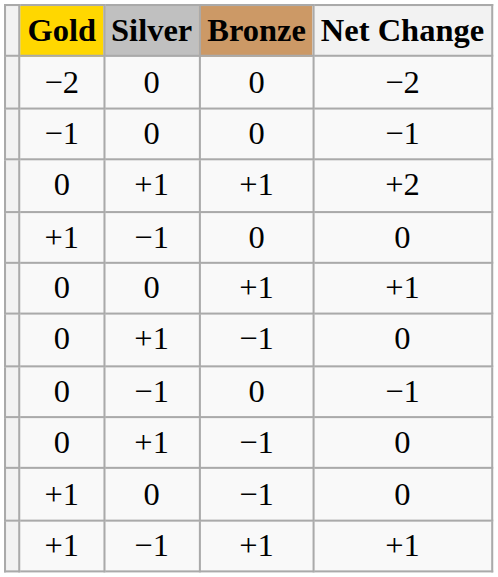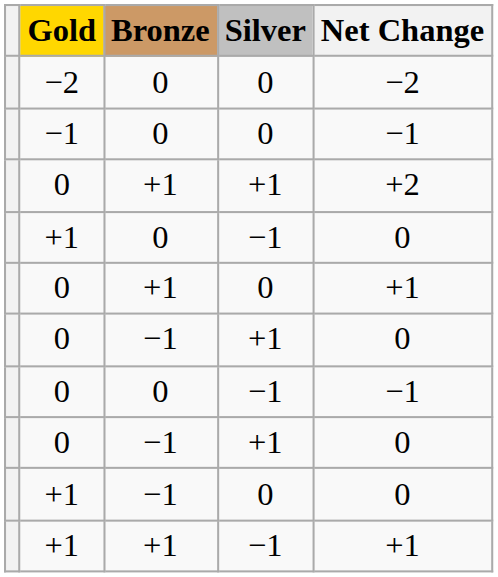 <table class="wikitable plainrowheaders sortable" style="text-align:center">
 <tr>
 <th></th>
 <th scope="col" style="background-color:gold">Gold</th>
+<th scope="col" style="background-color:#c96">Bronze</th>
 <th scope="col" style="background-color:silver">Silver</th>
-<th scope="col" style="background-color:#c96">Bronze</th>
 <th scope="col">Net Change</th>
 </tr>
 <tr>
 <th scope="row" style="text-align:left"></th>
 <td>−2</td>
 <td>0</td>
 <td>0</td>
 <td>−2</td>
 </tr>
 <tr>
 <th scope="row" style="text-align:left"></th>
 <td>−1</td>
 <td>0</td>
 <td>0</td>
 <td>−1</td>
 </tr>
 <tr>
 <th scope="row" style="text-align:left"></th>
 <td>0</td>
 <td>+1</td>
 <td>+1</td>
 <td>+2</td>
 </tr>
 <tr>
 <th scope="row" style="text-align:left"></th>
 <td>+1</td>
+<td>0</td>
+<td>−1</td>
+<td>0</td>
+</tr>
+<tr>
+<th scope="row" style="text-align:left"></th>
+<td>0</td>
+<td>+1</td>
+<td>0</td>
+<td>+1</td>
+</tr>
+<tr>
+<th scope="row" style="text-align:left"></th>
+<td>0</td>
+<td>−1</td>
+<td>+1</td>
+<td>0</td>
+</tr>
+<tr>
+<th scope="row" style="text-align:left"></th>
+<td>0</td>
+<td>0</td>
+<td>−1</td>
+<td>−1</td>
+</tr>
+<tr>
+<th scope="row" style="text-align:left"></th>
+<td>0</td>
+<td>−1</td>
+<td>+1</td>
+<td>0</td>
+</tr>
+<tr>
+<th scope="row" style="text-align:left"></th>
+<td>+1</td>
 <td>−1</td>
 <td>0</td>
 <td>0</td>
 </tr>
 <tr>
 <th scope="row" style="text-align:left"></th>
-<td>0</td>
-<td>0</td>
 <td>+1</td>
-<td>+1</td>
-</tr>
-<tr>
-<th scope="row" style="text-align:left"></th>
-<td>0</td>
-<td>+1</td>
-<td>−1</td>
-<td>0</td>
-</tr>
-<tr>
-<th scope="row" style="text-align:left"></th>
-<td>0</td>
-<td>−1</td>
-<td>0</td>
-<td>−1</td>
-</tr>
-<tr>
-<th scope="row" style="text-align:left"></th>
-<td>0</td>
-<td>+1</td>
-<td>−1</td>
-<td>0</td>
-</tr>
-<tr>
-<th scope="row" style="text-align:left"></th>
-<td>+1</td>
-<td>0</td>
-<td>−1</td>
-<td>0</td>
-</tr>
-<tr>
-<th scope="row" style="text-align:left"></th>
 <td>+1</td>
 <td>−1</td>
 <td>+1</td>
-<td>+1</td>
 </tr>
 </table>
